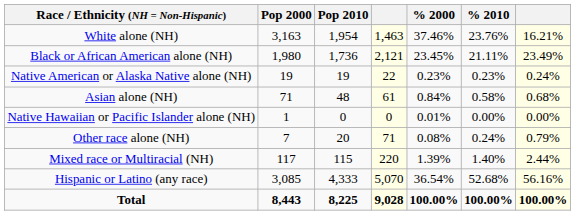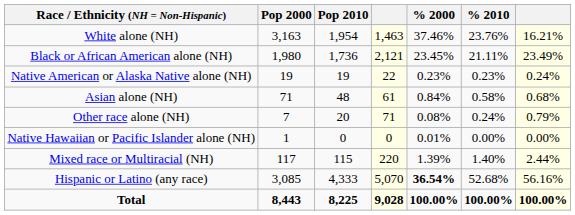 <table class="wikitable" style="text-align:center;">
 <tr>
 <th>Race / Ethnicity <small>(<em>NH = Non-Hispanic</em>)</small></th>
 <th>Pop 2000</th>
 <th>Pop 2010</th>
 <th></th>
 <th>% 2000</th>
 <th>% 2010</th>
 <th></th>
 </tr>
 <tr>
 <td><a href='#'>White</a> alone (NH)</td>
 <td>3,163</td>
 <td>1,954</td>
 <td style='background: #ffffe6;'>1,463</td>
 <td>37.46%</td>
 <td>23.76%</td>
 <td style='background: #ffffe6;'>16.21%</td>
 </tr>
 <tr>
 <td><a href='#'>Black or African American</a> alone (NH)</td>
 <td>1,980</td>
 <td>1,736</td>
 <td style='background: #ffffe6;'>2,121</td>
 <td>23.45%</td>
 <td>21.11%</td>
 <td style='background: #ffffe6;'>23.49%</td>
 </tr>
 <tr>
 <td><a href='#'>Native American</a> or <a href='#'>Alaska Native</a> alone (NH)</td>
 <td>19</td>
 <td>19</td>
 <td style='background: #ffffe6;'>22</td>
 <td>0.23%</td>
 <td>0.23%</td>
 <td style='background: #ffffe6;'>0.24%</td>
 </tr>
 <tr>
 <td><a href='#'>Asian</a> alone (NH)</td>
 <td>71</td>
 <td>48</td>
 <td style='background: #ffffe6;'>61</td>
 <td>0.84%</td>
 <td>0.58%</td>
 <td style='background: #ffffe6;'>0.68%</td>
 </tr>
 <tr>
+<td><a href='#'>Other race</a> alone (NH)</td>
+<td>7</td>
+<td>20</td>
+<td style='background: #ffffe6;'>71</td>
+<td>0.08%</td>
+<td>0.24%</td>
+<td style='background: #ffffe6;'>0.79%</td>
+</tr>
+<tr>
 <td><a href='#'>Native Hawaiian</a> or <a href='#'>Pacific Islander</a> alone (NH)</td>
 <td>1</td>
 <td>0</td>
 <td style='background: #ffffe6;'>0</td>
 <td>0.01%</td>
 <td>0.00%</td>
 <td style='background: #ffffe6;'>0.00%</td>
-</tr>
-<tr>
-<td><a href='#'>Other race</a> alone (NH)</td>
-<td>7</td>
-<td>20</td>
-<td style='background: #ffffe6;'>71</td>
-<td>0.08%</td>
-<td>0.24%</td>
-<td style='background: #ffffe6;'>0.79%</td>
 </tr>
 <tr>
 <td><a href='#'>Mixed race or Multiracial</a> (NH)</td>
 <td>117</td>
 <td>115</td>
 <td style='background: #ffffe6;'>220</td>
 <td>1.39%</td>
 <td>1.40%</td>
 <td style='background: #ffffe6;'>2.44%</td>
 </tr>
 <tr>
 <td><a href='#'>Hispanic or Latino</a> (any race)</td>
 <td>3,085</td>
 <td>4,333</td>
 <td style='background: #ffffe6;'>5,070</td>
-<td>36.54%</td>
+<td><strong>36.54%</strong></td>
 <td>52.68%</td>
 <td style='background: #ffffe6;'>56.16%</td>
 </tr>
 <tr>
 <td><strong>Total</strong></td>
 <td><strong>8,443</strong></td>
 <td><strong>8,225</strong></td>
 <td style='background: #ffffe6;'><strong>9,028</strong></td>
 <td><strong>100.00%</strong></td>
 <td><strong>100.00%</strong></td>
 <td style='background: #ffffe6;'><strong>100.00%</strong></td>
 </tr>
 </table>
